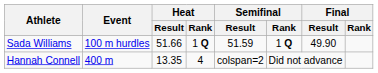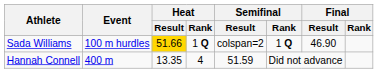 <table class="wikitable" style="font-size:90%; text-align:center">
 <tr>
 <th rowspan="2">Athlete</th>
 <th rowspan="2">Event</th>
 <th colspan="2">Heat</th>
 <th colspan="2">Semifinal</th>
 <th colspan="2">Final</th>
 </tr>
 <tr style="font-size:95%">
 <th>Result</th>
 <th>Rank</th>
 <th>Result</th>
 <th>Rank</th>
 <th>Result</th>
 <th>Rank</th>
 </tr>
 <tr>
 <td align="left"><a href='#'>Sada Williams</a></td>
 <td rowspan="1" align="left"><a href='#'>100 m hurdles</a></td>
-<td>51.66</td>
+<td style="background: gold;">51.66</td>
 <td>1 <strong>Q</strong></td>
-<td>51.59</td>
+<td>colspan=2 </td>
 <td>1 <strong>Q</strong></td>
-<td>49.90</td>
+<td>46.90</td>
 <td></td>
 </tr>
 <tr>
 <td align="left"><a href='#'>Hannah Connell</a></td>
 <td rowspan="1" align="left"><a href='#'>400 m</a></td>
 <td>13.35</td>
 <td>4</td>
-<td>colspan=2 </td>
+<td>51.59</td>
 <td colspan=2>Did not advance</td>
 </tr>
 </table>
